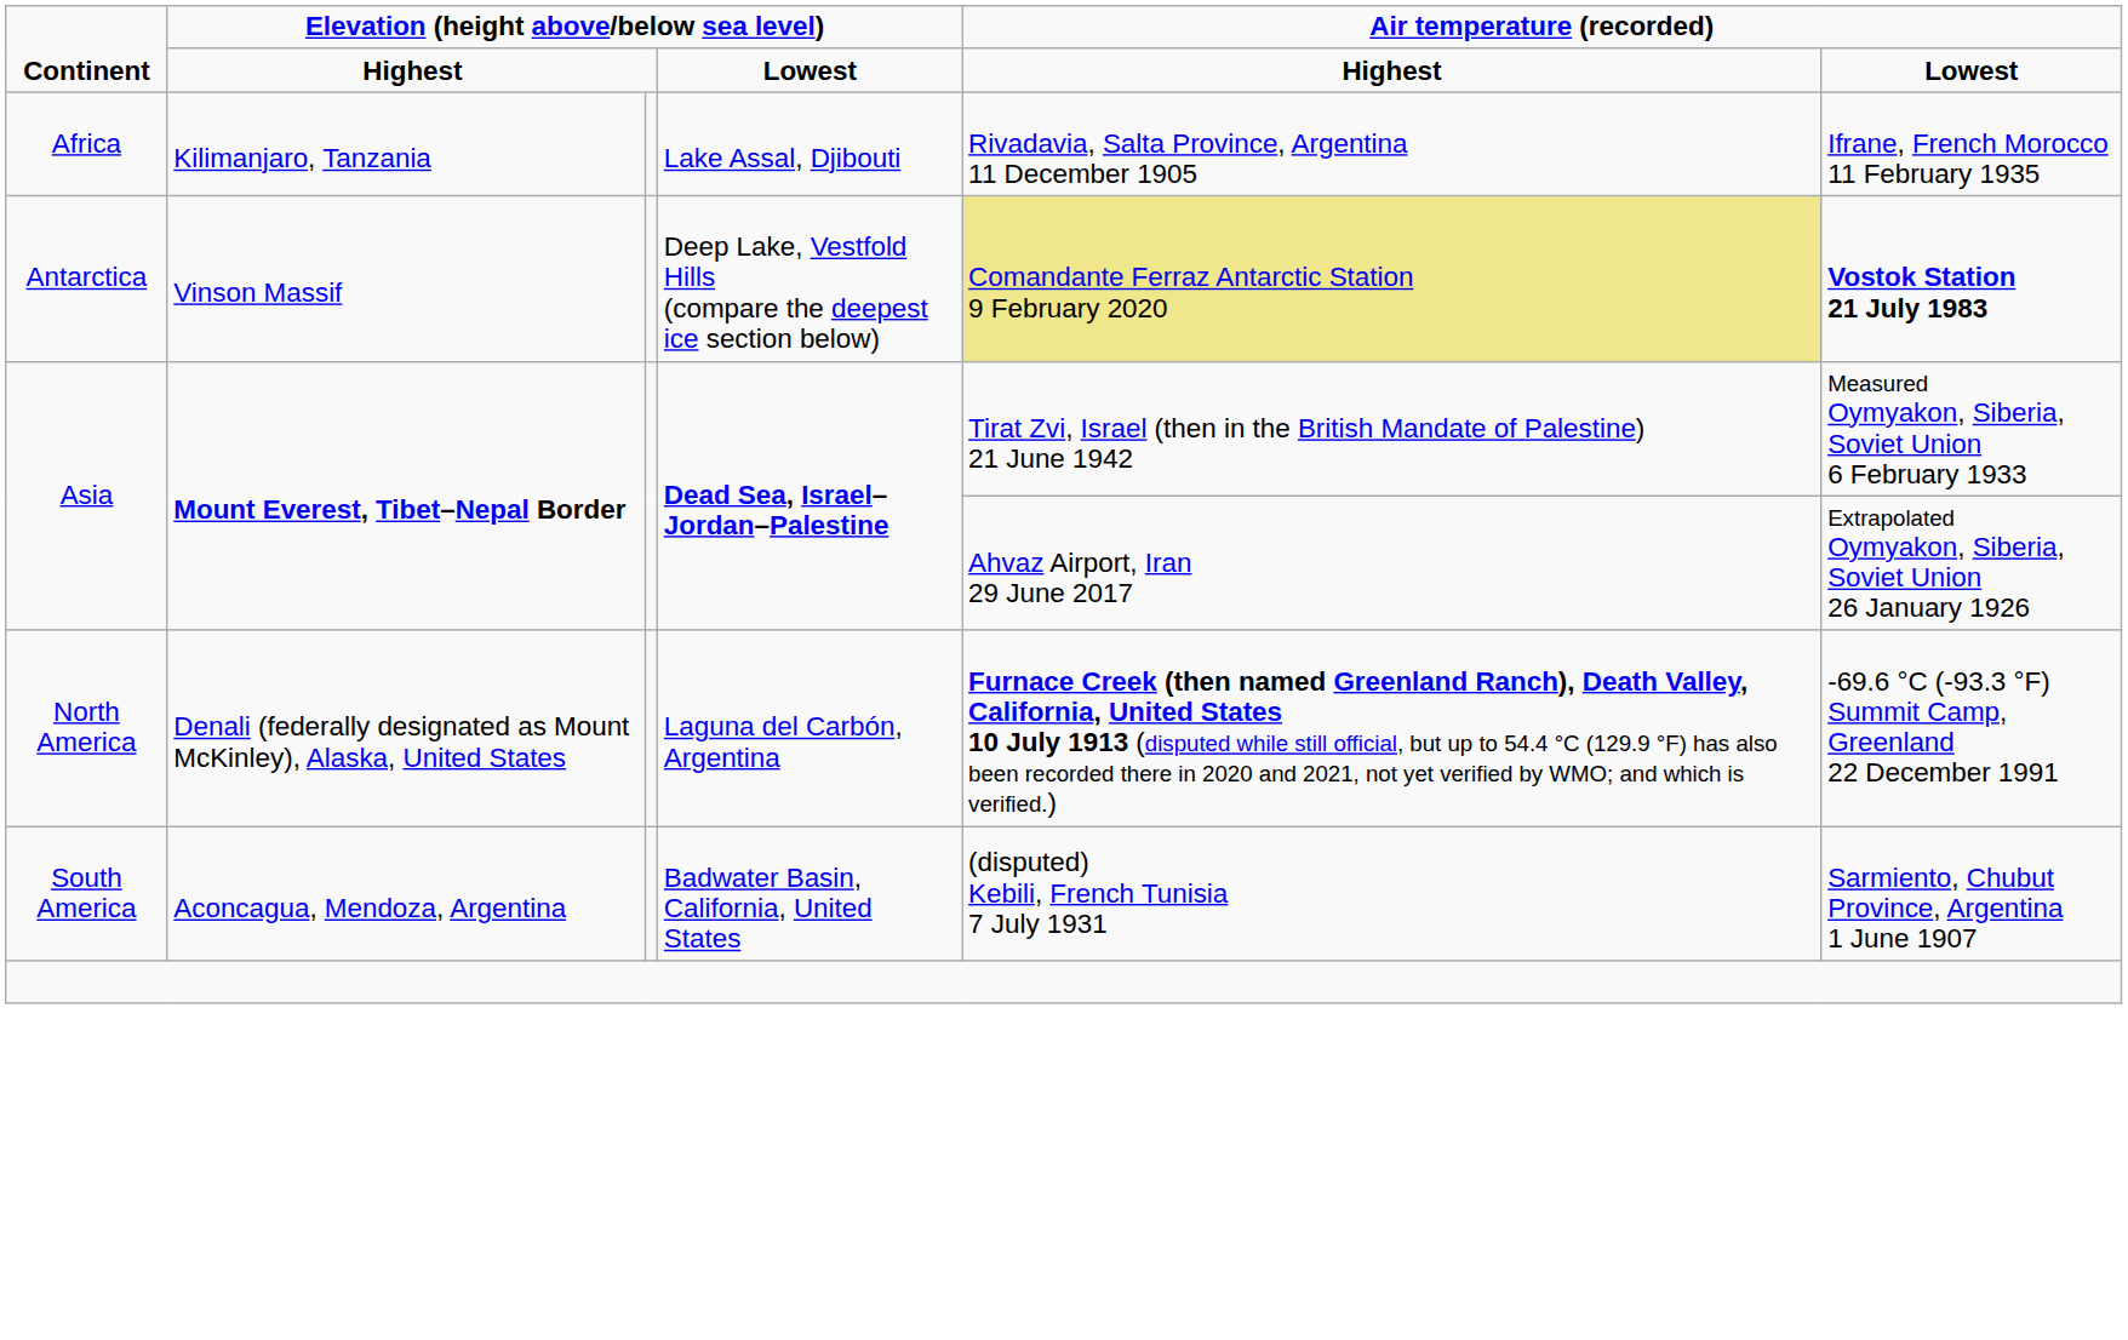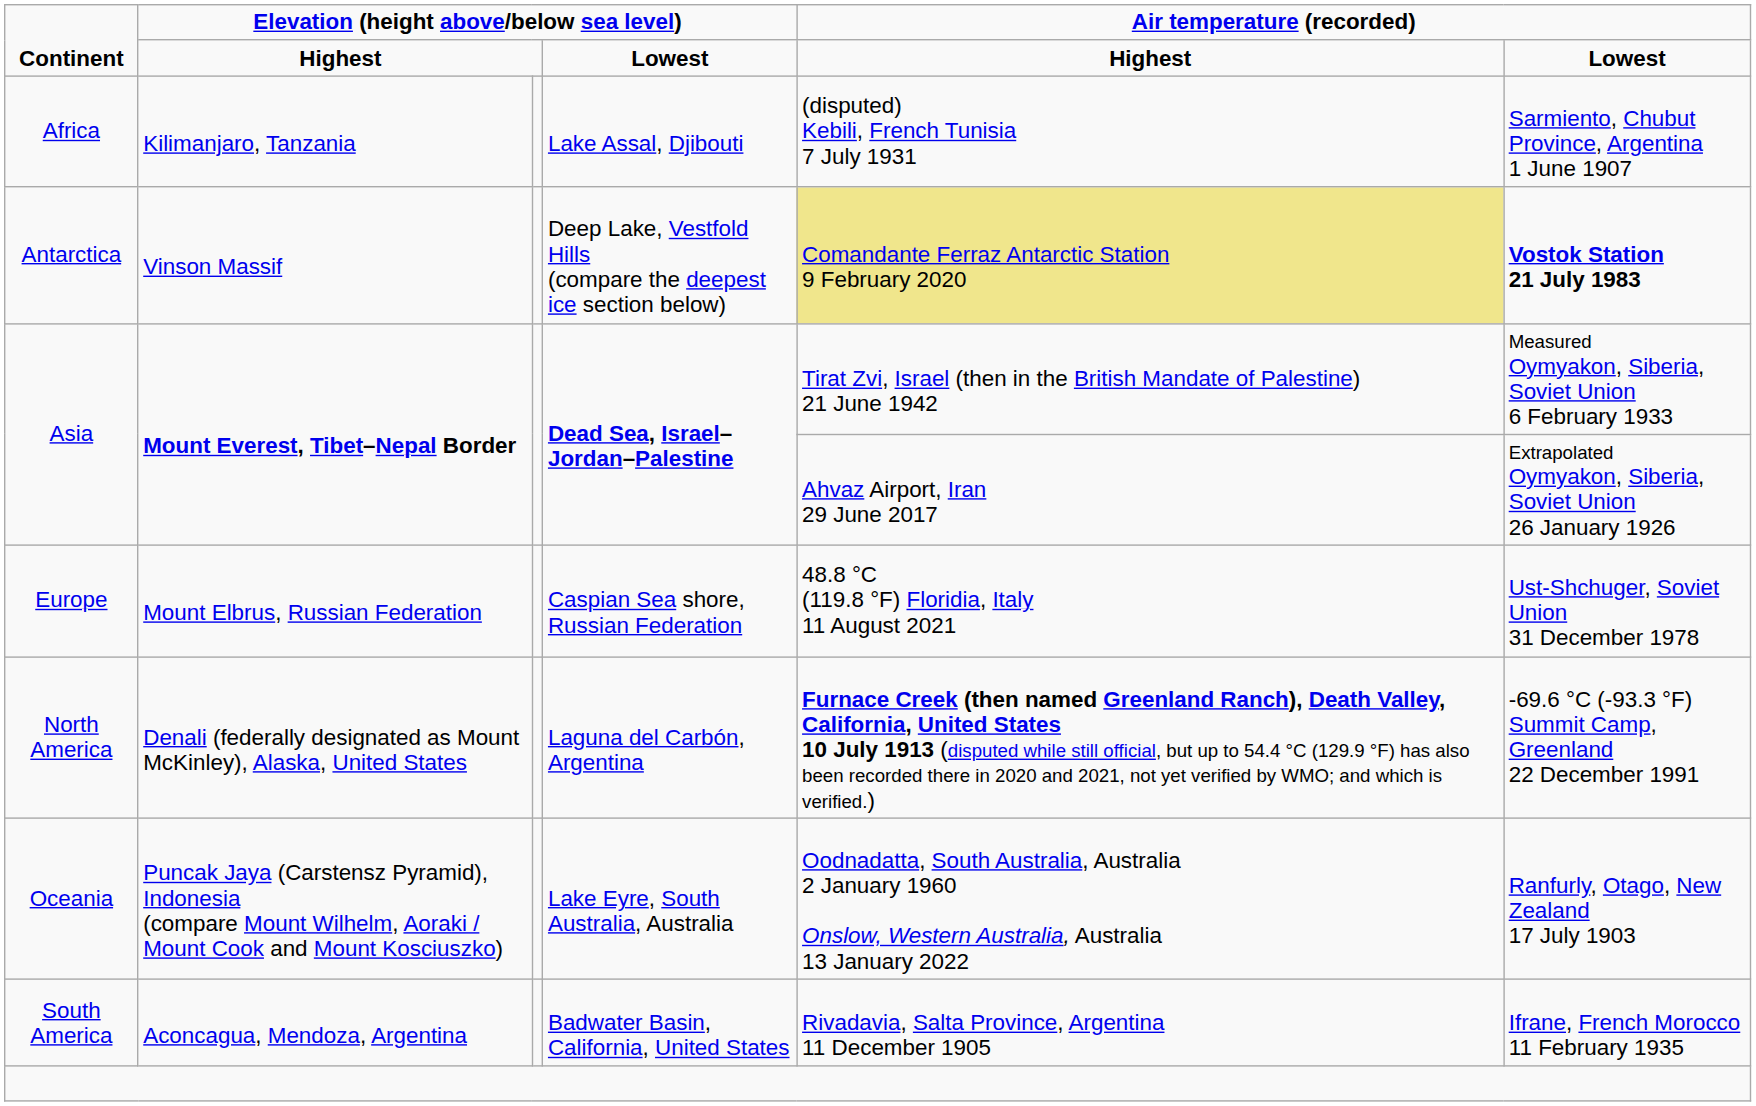 <table class="wikitable" style="text-align:center;">
 <tr>
 <td rowspan="2" style="vertical-align:bottom;"><strong>Continent</strong></td>
 <td colspan="3"><strong><a href='#'>Elevation</a> (height <a href='#'>above</a>/below <a href='#'>sea level</a>)</strong></td>
 <td colspan="2"><strong><a href='#'>Air temperature</a> (recorded)</strong></td>
 </tr>
 <tr>
 <td colspan="2"><strong>Highest</strong></td>
 <td><strong>Lowest</strong></td>
 <td><strong>Highest</strong></td>
 <td><strong>Lowest</strong></td>
 </tr>
 <tr>
 <td><a href='#'>Africa</a></td>
 <td style="text-align:left;"><br><a href='#'>Kilimanjaro</a>, <a href='#'>Tanzania</a></td>
 <td style="text-align:left;"></td>
 <td style="text-align:left;"><br><a href='#'>Lake Assal</a>, <a href='#'>Djibouti</a></td>
-<td style="text-align:left;"><br><a href='#'>Rivadavia</a>, <a href='#'>Salta Province</a>, <a href='#'>Argentina</a><br>11 December 1905</td>
-<td style="text-align:left;"><br><a href='#'>Ifrane</a>, <a href='#'>French Morocco</a><br>11 February 1935</td>
+<td style="text-align:left;"> (disputed)<br><a href='#'>Kebili</a>, <a href='#'>French Tunisia</a><br>7 July 1931</td>
+<td style="text-align:left;"><br><a href='#'>Sarmiento</a>, <a href='#'>Chubut Province</a>, <a href='#'>Argentina</a><br> 1 June 1907</td>
 </tr>
 <tr>
 <td><a href='#'>Antarctica</a></td>
 <td style="text-align:left;"><br><a href='#'>Vinson Massif</a></td>
 <td style="text-align:left;"></td>
 <td style="text-align:left;"><br>Deep Lake, <a href='#'>Vestfold Hills</a><br>(compare the <a href='#'>deepest ice</a> section below)</td>
 <td style="background: khaki; text-align:left;"><br><a href='#'>Comandante Ferraz Antarctic Station</a><br>9 February 2020</td>
 <td style="text-align:left;"><strong><br><a href='#'>Vostok Station</a></strong><br><strong>21 July 1983</strong></td>
 </tr>
 <tr>
 <td rowspan="2" style="vertical-align:center;"><a href='#'>Asia</a></td>
 <td rowspan="2" style="vertical-align:center; text-align:left;"><strong><br><a href='#'>Mount Everest</a>, <a href='#'>Tibet</a>–<a href='#'>Nepal</a> Border </strong></td>
 <td rowspan="2" style="vertical-align:center; text-align:left;"></td>
 <td rowspan="2" style="vertical-align:center; text-align:left;"><strong><br><a href='#'>Dead Sea</a>, <a href='#'>Israel</a>–<a href='#'>Jordan</a>–<a href='#'>Palestine</a></strong></td>
 <td style="vertical-align:center; text-align:left;"> <br><a href='#'>Tirat Zvi</a>, <a href='#'>Israel</a> (then in the <a href='#'>British Mandate of Palestine</a>)<br>21 June 1942</td>
 <td style="text-align:left;"><small> Measured</small><br><a href='#'>Oymyakon</a>, <a href='#'>Siberia</a>, <a href='#'>Soviet Union</a><br>6 February 1933</td>
 </tr>
 <tr>
 <td style="vertical-align:center; text-align:left;"> <br><a href='#'>Ahvaz</a> Airport, <a href='#'>Iran</a><br>29 June 2017</td>
 <td style="text-align:left;"><small> Extrapolated</small><br><a href='#'>Oymyakon</a>, <a href='#'>Siberia</a>, <a href='#'>Soviet Union</a><br>26 January 1926</td>
 </tr>
 <tr>
+<td><a href='#'>Europe</a></td>
+<td style="text-align:left;"><br><a href='#'>Mount Elbrus</a>, <a href='#'>Russian Federation</a></td>
+<td style="text-align:left;"></td>
+<td style="text-align:left;"><br><a href='#'>Caspian Sea</a> shore, <a href='#'>Russian Federation</a></td>
+<td style="text-align:left;">48.8 °C<br>(119.8 °F) <a href='#'>Floridia</a>, <a href='#'>Italy</a><br> 11 August 2021</td>
+<td style="text-align:left;"><br><a href='#'>Ust-Shchuger</a>, <a href='#'>Soviet Union</a><br>31 December 1978</td>
+</tr>
+<tr>
 <td style="vertical-align:center;"><a href='#'>North America</a></td>
 <td style="vertical-align:center; text-align:left;"><br><a href='#'>Denali</a> (federally designated as Mount McKinley), <a href='#'>Alaska</a>, <a href='#'>United States</a></td>
 <td style="vertical-align:center; text-align:left;"></td>
 <td style="text-align:left;"><br><a href='#'>Laguna del Carbón</a>, <a href='#'>Argentina</a></td>
 <td style="vertical-align:center; text-align:left;"><strong><br><a href='#'>Furnace Creek</a> (then named <a href='#'>Greenland Ranch</a>), <a href='#'>Death Valley</a>, <a href='#'>California</a>, <a href='#'>United States</a><br>10 July 1913</strong> (<small><a href='#'>disputed while still official</a>, but up to 54.4 °C (129.9 °F) has also been recorded there in 2020 and 2021, not yet verified by WMO; and  which is verified.</small>) </td>
 <td style="text-align:left;">-69.6 °C (-93.3 °F)<br><a href='#'>Summit Camp</a>, <a href='#'>Greenland</a><br>22 December 1991</td>
 </tr>
 <tr>
+<td><a href='#'>Oceania</a></td>
+<td style="text-align:left;"><br><a href='#'>Puncak Jaya</a> (Carstensz Pyramid), <a href='#'>Indonesia</a><br>(compare <a href='#'>Mount Wilhelm</a>, <a href='#'>Aoraki / Mount Cook</a> and <a href='#'>Mount Kosciuszko</a>)</td>
+<td style="text-align:left;"></td>
+<td style="text-align:left;"><br><a href='#'>Lake Eyre</a>, <a href='#'>South Australia</a>, Australia</td>
+<td style="text-align:left;"><br><a href='#'>Oodnadatta</a>, <a href='#'>South Australia</a>, Australia<br>2 January 1960<br><br><em><a href='#'>Onslow, Western Australia</a>,</em> Australia<br>13 January 2022</td>
+<td style="text-align:left;"><br><a href='#'>Ranfurly</a>, <a href='#'>Otago</a>, <a href='#'>New Zealand</a><br>17 July 1903</td>
+</tr>
+<tr>
 <td><a href='#'>South America</a></td>
 <td style="text-align:left;"><br><a href='#'>Aconcagua</a>, <a href='#'>Mendoza</a>, <a href='#'>Argentina</a></td>
 <td style="text-align:left;"></td>
 <td style="vertical-align:center; text-align:left;"><br><a href='#'>Badwater Basin</a>, <a href='#'>California</a>, <a href='#'>United States</a></td>
-<td style="text-align:left;"> (disputed)<br><a href='#'>Kebili</a>, <a href='#'>French Tunisia</a><br>7 July 1931</td>
-<td style="text-align:left;"><br><a href='#'>Sarmiento</a>, <a href='#'>Chubut Province</a>, <a href='#'>Argentina</a><br> 1 June 1907</td>
+<td style="text-align:left;"><br><a href='#'>Rivadavia</a>, <a href='#'>Salta Province</a>, <a href='#'>Argentina</a><br>11 December 1905</td>
+<td style="text-align:left;"><br><a href='#'>Ifrane</a>, <a href='#'>French Morocco</a><br>11 February 1935</td>
 </tr>
 <tr>
 <td colspan="6" style="text-align:left;"><br><div></td>
 </tr>
 </table>
